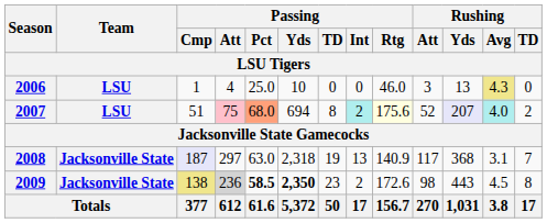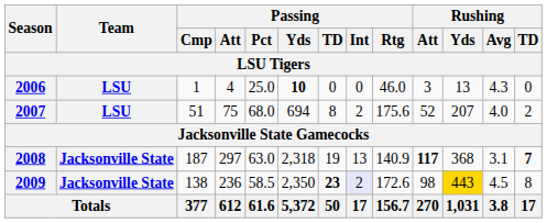 <table class=wikitable style="text-align:center;">
 <tr>
 <th rowspan="2">Season</th>
 <th rowspan="2">Team</th>
 <th colspan="7">Passing</th>
 <th colspan="4">Rushing</th>
 </tr>
 <tr>
 <th>Cmp</th>
 <th>Att</th>
 <th>Pct</th>
 <th>Yds</th>
 <th>TD</th>
 <th>Int</th>
 <th>Rtg</th>
 <th>Att</th>
 <th>Yds</th>
 <th>Avg</th>
 <th>TD</th>
 </tr>
 <tr>
 <th colspan="16">LSU Tigers</th>
 </tr>
 <tr>
 <th><a href='#'>2006</a></th>
 <th><a href='#'>LSU</a></th>
 <td>1</td>
 <td>4</td>
 <td>25.0</td>
-<td>10</td>
+<td><strong>10</strong></td>
 <td>0</td>
 <td>0</td>
 <td>46.0</td>
 <td>3</td>
 <td>13</td>
-<td style="background: khaki;">4.3</td>
+<td>4.3</td>
 <td>0</td>
 </tr>
 <tr>
 <th><a href='#'>2007</a></th>
 <th><a href='#'>LSU</a></th>
 <td>51</td>
-<td style="background: pink;">75</td>
-<td style="background: lightsalmon;">68.0</td>
+<td>75</td>
+<td>68.0</td>
 <td>694</td>
 <td>8</td>
-<td style="background: paleturquoise;">2</td>
-<td style="background: lightyellow;">175.6</td>
+<td>2</td>
+<td>175.6</td>
 <td>52</td>
-<td style="background: lavender;">207</td>
-<td style="background: paleturquoise;">4.0</td>
+<td>207</td>
+<td>4.0</td>
 <td>2</td>
 </tr>
 <tr>
 <th colspan="16">Jacksonville State Gamecocks</th>
 </tr>
 <tr>
 <th><a href='#'>2008</a></th>
 <th><a href='#'>Jacksonville State</a></th>
-<td style="background: lavender;">187</td>
+<td>187</td>
 <td>297</td>
 <td>63.0</td>
 <td>2,318</td>
 <td>19</td>
 <td>13</td>
 <td>140.9</td>
-<td>117</td>
+<td><strong>117</strong></td>
 <td>368</td>
 <td>3.1</td>
-<td>7</td>
+<td><strong>7</strong></td>
 </tr>
 <tr>
 <th><a href='#'>2009</a></th>
 <th><a href='#'>Jacksonville State</a></th>
-<td style="background: khaki;">138</td>
-<td style="background: lightgrey;">236</td>
-<td><strong>58.5</strong></td>
-<td><strong>2,350</strong></td>
-<td>23</td>
-<td>2</td>
+<td>138</td>
+<td>236</td>
+<td>58.5</td>
+<td>2,350</td>
+<td><strong>23</strong></td>
+<td style="background: lavender;">2</td>
 <td>172.6</td>
 <td>98</td>
-<td>443</td>
+<td style="background: gold;">443</td>
 <td>4.5</td>
 <td>8</td>
 </tr>
 <tr>
 <th colspan="2">Totals</th>
 <th>377</th>
 <th>612</th>
 <th>61.6</th>
 <th>5,372</th>
 <th>50</th>
 <th>17</th>
 <th>156.7</th>
 <th>270</th>
 <th>1,031</th>
 <th>3.8</th>
 <th>17</th>
 </tr>
 </table>
